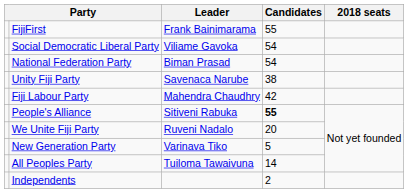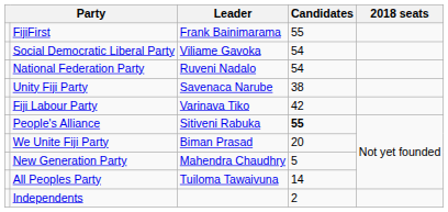 <table class=wikitable>
 <tr>
 <th colspan=3>Party</th>
 <th>Leader</th>
 <th>Candidates</th>
 <th>2018 seats</th>
 </tr>
 <tr>
 <td style="background:"></td>
 <td colspan="2"><a href='#'>FijiFirst</a></td>
 <td><a href='#'>Frank Bainimarama</a></td>
 <td>55</td>
 <td></td>
 </tr>
 <tr>
 <td style="background:"></td>
 <td colspan="2"><a href='#'>Social Democratic Liberal Party</a></td>
 <td><a href='#'>Viliame Gavoka</a></td>
 <td>54</td>
 <td></td>
 </tr>
 <tr>
 <td style="background:"></td>
 <td colspan="2"><a href='#'>National Federation Party</a></td>
-<td><a href='#'>Biman Prasad</a></td>
+<td><a href='#'>Ruveni Nadalo</a></td>
 <td>54</td>
 <td></td>
 </tr>
 <tr>
 <td style="background:"></td>
 <td colspan="2"><a href='#'>Unity Fiji Party</a></td>
 <td><a href='#'>Savenaca Narube</a></td>
 <td>38</td>
 <td></td>
 </tr>
 <tr>
 <td style="background:"></td>
 <td colspan="2"><a href='#'>Fiji Labour Party</a></td>
-<td><a href='#'>Mahendra Chaudhry</a></td>
+<td><a href='#'>Varinava Tiko</a></td>
 <td>42</td>
 <td></td>
 </tr>
 <tr>
 <td style="background:"></td>
 <td colspan="2"><a href='#'>People's Alliance</a></td>
 <td><a href='#'>Sitiveni Rabuka</a></td>
 <td><strong>55</strong></td>
 <td rowspan="4">Not yet founded</td>
 </tr>
 <tr>
 <td style="background:"></td>
 <td colspan="2"><a href='#'>We Unite Fiji Party</a></td>
-<td><a href='#'>Ruveni Nadalo</a></td>
+<td><a href='#'>Biman Prasad</a></td>
 <td>20</td>
 </tr>
 <tr>
 <td style="background:"></td>
 <td colspan="2"><a href='#'>New Generation Party</a></td>
-<td><a href='#'>Varinava Tiko</a></td>
+<td><a href='#'>Mahendra Chaudhry</a></td>
 <td>5</td>
 </tr>
 <tr>
 <td style="background:"></td>
 <td colspan="2"><a href='#'>All Peoples Party</a></td>
 <td><a href='#'>Tuiloma Tawaivuna</a></td>
 <td>14</td>
 </tr>
 <tr>
 <td style="background:"></td>
 <td colspan="2"><a href='#'>Independents</a></td>
 <td></td>
 <td>2</td>
 <td></td>
 </tr>
 </table>
